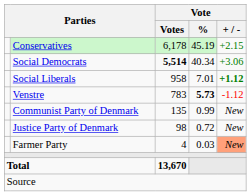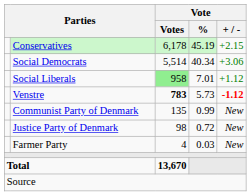 <table class="wikitable" style="text-align:right;">
 <tr>
 <th style="text-align:centre;" rowspan="2" colspan="2" width="225">Parties</th>
 <th colspan="3">Vote</th>
 </tr>
 <tr>
 <th width="15">Votes</th>
 <th width="15">%</th>
 <th width="15">+ / -</th>
 </tr>
 <tr>
 <td width="2" style="color:inherit;background:"></td>
 <td bgcolor=#ccf7cc  align="left"><a href='#'>Conservatives</a></td>
 <td bgcolor=#ccf7cc>6,178</td>
 <td bgcolor=#ccf7cc>45.19</td>
 <td style=color:green;>+2.15</td>
 </tr>
 <tr>
 <td width="2" style="color:inherit;background:"></td>
 <td align="left"><a href='#'>Social Democrats</a></td>
-<td><strong>5,514</strong></td>
+<td>5,514</td>
 <td>40.34</td>
 <td style=color:green;>+3.06</td>
 </tr>
 <tr>
 <td width="2" style="color:inherit;background:"></td>
 <td align="left"><a href='#'>Social Liberals</a></td>
-<td>958</td>
+<td style="background: lightgreen;">958</td>
 <td>7.01</td>
-<td style=color:green;><strong>+1.12</strong></td>
+<td style=color:green;>+1.12</td>
 </tr>
 <tr>
 <td width="2" style="color:inherit;background:"></td>
 <td align="left"><a href='#'>Venstre</a></td>
-<td>783</td>
-<td><strong>5.73</strong></td>
-<td style=color:red;>-1.12</td>
+<td><strong>783</strong></td>
+<td>5.73</td>
+<td style=color:red;><strong>-1.12</strong></td>
 </tr>
 <tr>
 <td width="2" style="color:inherit;background:"></td>
 <td align="left"><a href='#'>Communist Party of Denmark</a></td>
 <td>135</td>
 <td>0.99</td>
 <td><em>New</em></td>
 </tr>
 <tr>
 <td width="2" style="color:inherit;background:"></td>
 <td align="left"><a href='#'>Justice Party of Denmark</a></td>
 <td>98</td>
 <td>0.72</td>
 <td><em>New</em></td>
 </tr>
 <tr>
 <td width="2" style="color:inherit;background:"></td>
 <td align="left">Farmer Party</td>
 <td>4</td>
 <td>0.03</td>
-<td style="background: lightsalmon;"><em>New</em></td>
+<td><em>New</em></td>
 </tr>
 <tr>
 <td colspan="7" bgcolor="#E9E9E9"></td>
 </tr>
 <tr>
 <td align="left" colspan="2"><strong>Total</strong></td>
 <td><strong>13,670</strong></td>
 <td bgcolor="#E9E9E9" colspan="2"></td>
 </tr>
 <tr>
 <td align="left" colspan="6">Source</td>
 </tr>
 </table>
